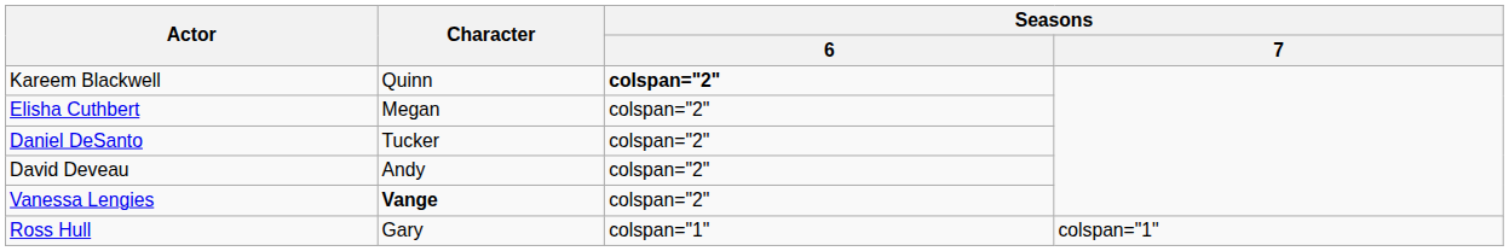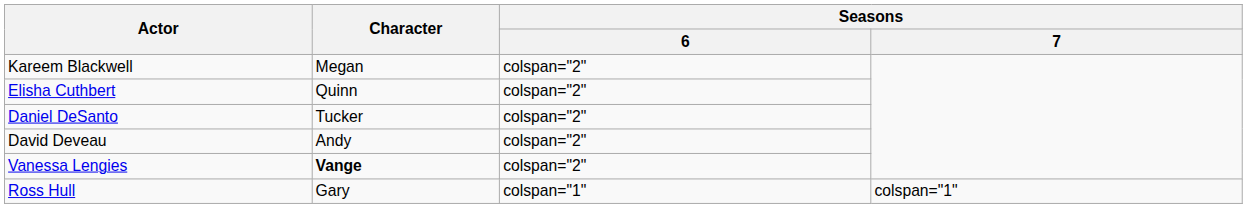 <table class="wikitable" width="100%">
 <tr>
 <th rowspan="2">Actor</th>
 <th rowspan="2">Character</th>
 <th colspan="5">Seasons</th>
 </tr>
 <tr>
 <th style="width:30%;">6</th>
 <th style="width:30%;">7</th>
 </tr>
 <tr>
 <td>Kareem Blackwell</td>
-<td>Quinn</td>
-<td><strong>colspan="2" </strong></td>
+<td>Megan</td>
+<td>colspan="2" </td>
 </tr>
 <tr>
 <td><a href='#'>Elisha Cuthbert</a></td>
-<td>Megan</td>
+<td>Quinn</td>
 <td>colspan="2" </td>
 </tr>
 <tr>
 <td><a href='#'>Daniel DeSanto</a></td>
 <td>Tucker</td>
 <td>colspan="2" </td>
 </tr>
 <tr>
 <td>David Deveau</td>
 <td>Andy</td>
 <td>colspan="2" </td>
 </tr>
 <tr>
 <td><a href='#'>Vanessa Lengies</a></td>
 <td><strong>Vange</strong></td>
 <td>colspan="2" </td>
 </tr>
 <tr>
 <td><a href='#'>Ross Hull</a></td>
 <td>Gary</td>
 <td>colspan="1" </td>
 <td>colspan="1" </td>
 </tr>
 </table>
